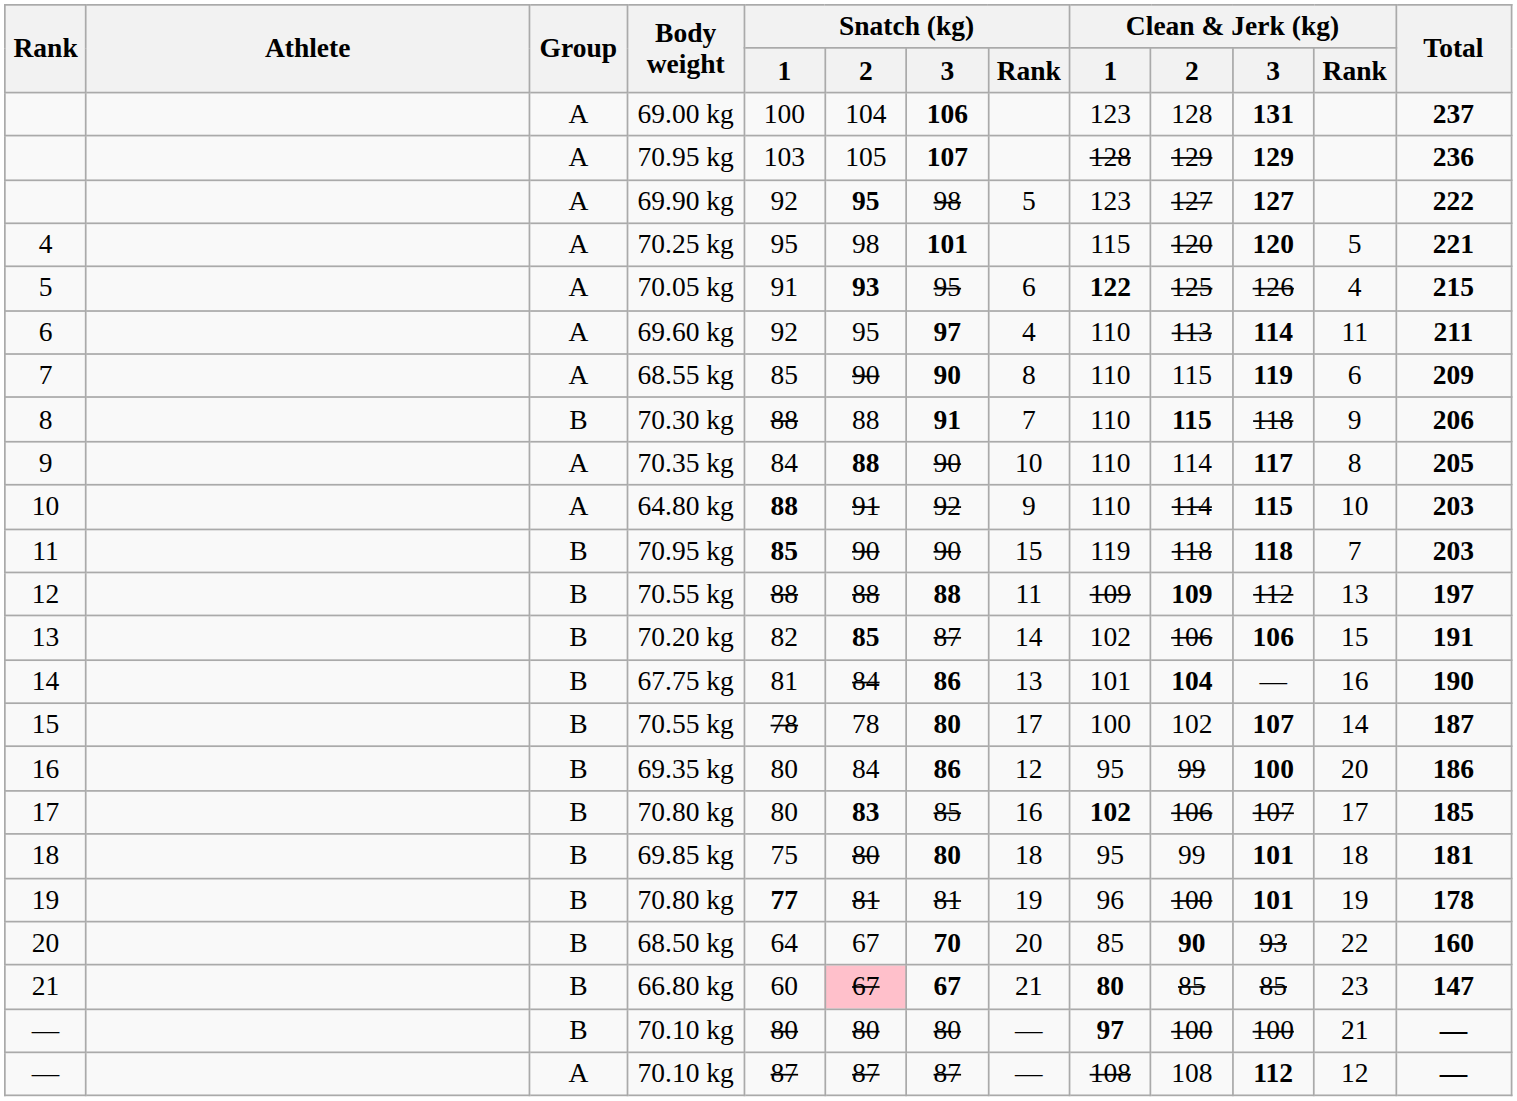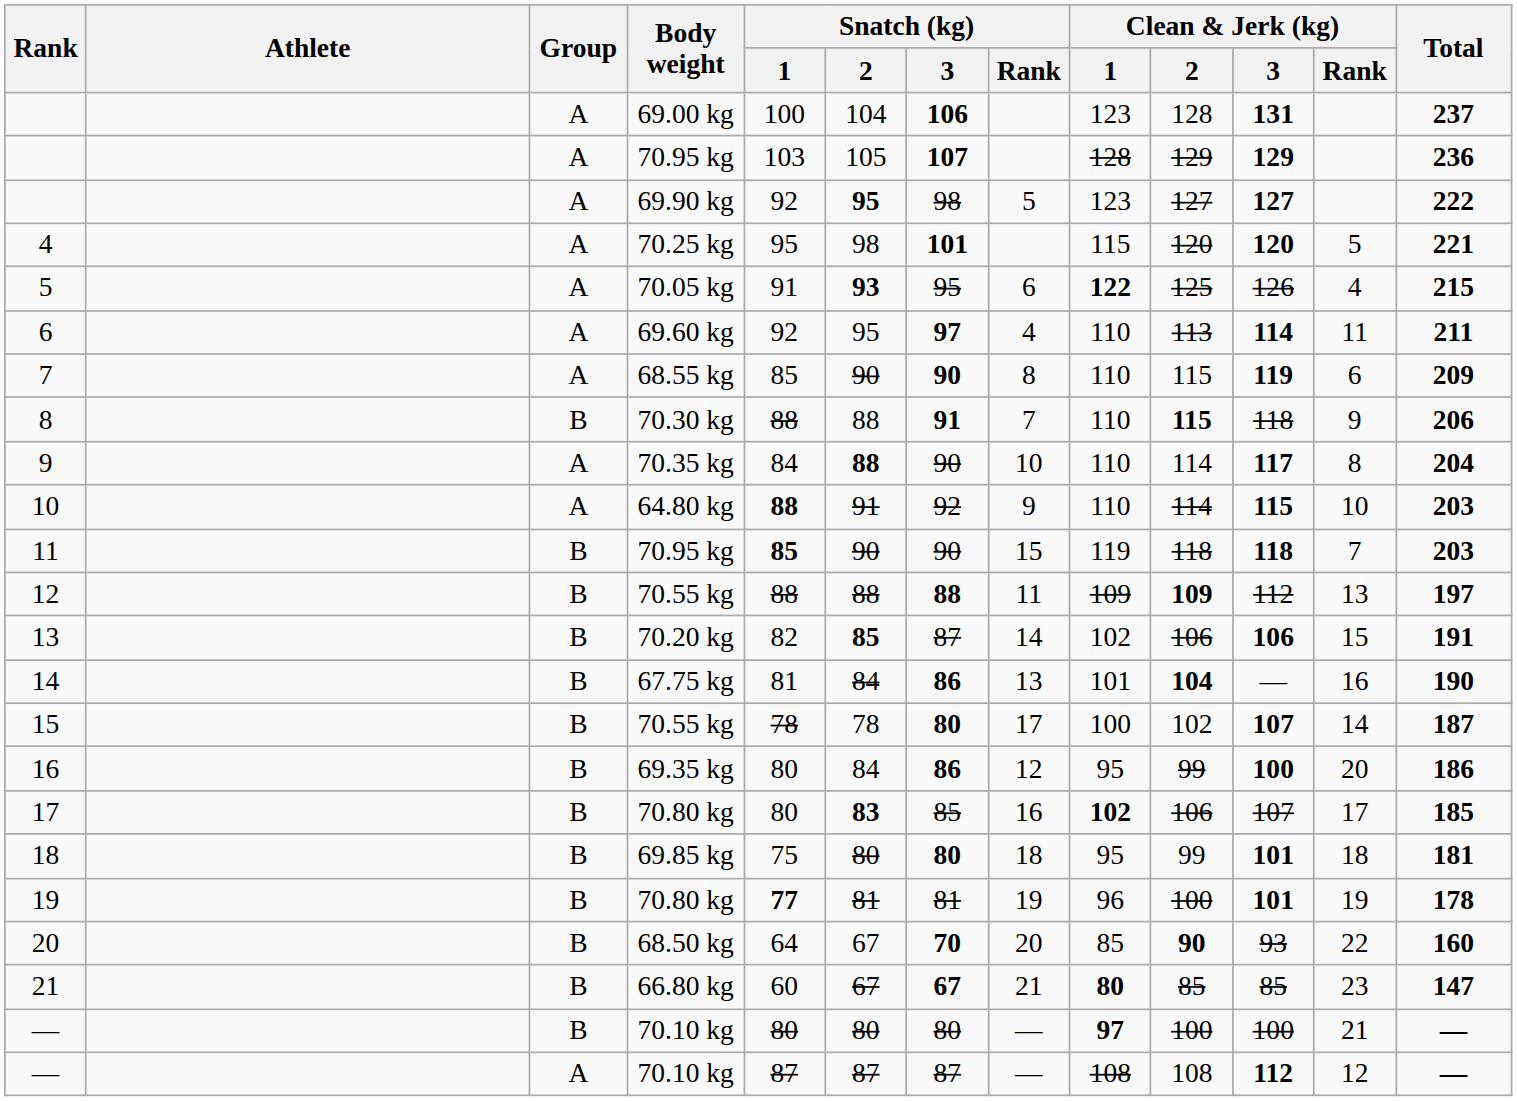 <table class = "wikitable" style="text-align:center;">
 <tr>
 <th rowspan=2 width=40>Rank</th>
 <th rowspan=2 width=250>Athlete</th>
 <th rowspan=2 width=50>Group</th>
 <th rowspan=2 width=60>Body weight</th>
 <th colspan=4>Snatch (kg)</th>
 <th colspan=4>Clean & Jerk (kg)</th>
 <th rowspan=2 width=60>Total</th>
 </tr>
 <tr>
 <th width=40>1</th>
 <th width=40>2</th>
 <th width=40>3</th>
 <th width=40>Rank</th>
 <th width=40>1</th>
 <th width=40>2</th>
 <th width=40>3</th>
 <th width=40>Rank</th>
 </tr>
 <tr>
 <td></td>
 <td align=left></td>
 <td>A</td>
 <td>69.00 kg</td>
 <td>100</td>
 <td>104</td>
 <td><strong>106</strong></td>
 <td></td>
 <td>123</td>
 <td>128</td>
 <td><strong>131</strong></td>
 <td></td>
 <td><strong>237</strong></td>
 </tr>
 <tr>
 <td></td>
 <td align=left></td>
 <td>A</td>
 <td>70.95 kg</td>
 <td>103</td>
 <td>105</td>
 <td><strong>107</strong></td>
 <td></td>
 <td><s>128</s></td>
 <td><s>129</s></td>
 <td><strong>129</strong></td>
 <td></td>
 <td><strong>236</strong></td>
 </tr>
 <tr>
 <td></td>
 <td align=left></td>
 <td>A</td>
 <td>69.90 kg</td>
 <td>92</td>
 <td><strong>95</strong></td>
 <td><s>98</s></td>
 <td>5</td>
 <td>123</td>
 <td><s>127</s></td>
 <td><strong>127</strong></td>
 <td></td>
 <td><strong>222</strong></td>
 </tr>
 <tr>
 <td>4</td>
 <td align=left></td>
 <td>A</td>
 <td>70.25 kg</td>
 <td>95</td>
 <td>98</td>
 <td><strong>101</strong></td>
 <td></td>
 <td>115</td>
 <td><s>120</s></td>
 <td><strong>120</strong></td>
 <td>5</td>
 <td><strong>221</strong></td>
 </tr>
 <tr>
 <td>5</td>
 <td align=left></td>
 <td>A</td>
 <td>70.05 kg</td>
 <td>91</td>
 <td><strong>93</strong></td>
 <td><s>95</s></td>
 <td>6</td>
 <td><strong>122</strong></td>
 <td><s>125</s></td>
 <td><s>126</s></td>
 <td>4</td>
 <td><strong>215</strong></td>
 </tr>
 <tr>
 <td>6</td>
 <td align=left></td>
 <td>A</td>
 <td>69.60 kg</td>
 <td>92</td>
 <td>95</td>
 <td><strong>97</strong></td>
 <td>4</td>
 <td>110</td>
 <td><s>113</s></td>
 <td><strong>114</strong></td>
 <td>11</td>
 <td><strong>211</strong></td>
 </tr>
 <tr>
 <td>7</td>
 <td align=left></td>
 <td>A</td>
 <td>68.55 kg</td>
 <td>85</td>
 <td><s>90</s></td>
 <td><strong>90</strong></td>
 <td>8</td>
 <td>110</td>
 <td>115</td>
 <td><strong>119</strong></td>
 <td>6</td>
 <td><strong>209</strong></td>
 </tr>
 <tr>
 <td>8</td>
 <td align=left></td>
 <td>B</td>
 <td>70.30 kg</td>
 <td><s>88</s></td>
 <td>88</td>
 <td><strong>91</strong></td>
 <td>7</td>
 <td>110</td>
 <td><strong>115</strong></td>
 <td><s>118</s></td>
 <td>9</td>
 <td><strong>206</strong></td>
 </tr>
 <tr>
 <td>9</td>
 <td align=left></td>
 <td>A</td>
 <td>70.35 kg</td>
 <td>84</td>
 <td><strong>88</strong></td>
 <td><s>90</s></td>
 <td>10</td>
 <td>110</td>
 <td>114</td>
 <td><strong>117</strong></td>
 <td>8</td>
-<td><strong>205</strong></td>
+<td><strong>204</strong></td>
 </tr>
 <tr>
 <td>10</td>
 <td align=left></td>
 <td>A</td>
 <td>64.80 kg</td>
 <td><strong>88</strong></td>
 <td><s>91</s></td>
 <td><s>92</s></td>
 <td>9</td>
 <td>110</td>
 <td><s>114</s></td>
 <td><strong>115</strong></td>
 <td>10</td>
 <td><strong>203</strong></td>
 </tr>
 <tr>
 <td>11</td>
 <td align=left></td>
 <td>B</td>
 <td>70.95 kg</td>
 <td><strong>85</strong></td>
 <td><s>90</s></td>
 <td><s>90</s></td>
 <td>15</td>
 <td>119</td>
 <td><s>118</s></td>
 <td><strong>118</strong></td>
 <td>7</td>
 <td><strong>203</strong></td>
 </tr>
 <tr>
 <td>12</td>
 <td align=left></td>
 <td>B</td>
 <td>70.55 kg</td>
 <td><s>88</s></td>
 <td><s>88</s></td>
 <td><strong>88</strong></td>
 <td>11</td>
 <td><s>109</s></td>
 <td><strong>109</strong></td>
 <td><s>112</s></td>
 <td>13</td>
 <td><strong>197</strong></td>
 </tr>
 <tr>
 <td>13</td>
 <td align=left></td>
 <td>B</td>
 <td>70.20 kg</td>
 <td>82</td>
 <td><strong>85</strong></td>
 <td><s>87</s></td>
 <td>14</td>
 <td>102</td>
 <td><s>106</s></td>
 <td><strong>106</strong></td>
 <td>15</td>
 <td><strong>191</strong></td>
 </tr>
 <tr>
 <td>14</td>
 <td align=left></td>
 <td>B</td>
 <td>67.75 kg</td>
 <td>81</td>
 <td><s>84</s></td>
 <td><strong>86</strong></td>
 <td>13</td>
 <td>101</td>
 <td><strong>104</strong></td>
 <td>—</td>
 <td>16</td>
 <td><strong>190</strong></td>
 </tr>
 <tr>
 <td>15</td>
 <td align=left></td>
 <td>B</td>
 <td>70.55 kg</td>
 <td><s>78</s></td>
 <td>78</td>
 <td><strong>80</strong></td>
 <td>17</td>
 <td>100</td>
 <td>102</td>
 <td><strong>107</strong></td>
 <td>14</td>
 <td><strong>187</strong></td>
 </tr>
 <tr>
 <td>16</td>
 <td align=left></td>
 <td>B</td>
 <td>69.35 kg</td>
 <td>80</td>
 <td>84</td>
 <td><strong>86</strong></td>
 <td>12</td>
 <td>95</td>
 <td><s>99</s></td>
 <td><strong>100</strong></td>
 <td>20</td>
 <td><strong>186</strong></td>
 </tr>
 <tr>
 <td>17</td>
 <td align=left></td>
 <td>B</td>
 <td>70.80 kg</td>
 <td>80</td>
 <td><strong>83</strong></td>
 <td><s>85</s></td>
 <td>16</td>
 <td><strong>102</strong></td>
 <td><s>106</s></td>
 <td><s>107</s></td>
 <td>17</td>
 <td><strong>185</strong></td>
 </tr>
 <tr>
 <td>18</td>
 <td align=left></td>
 <td>B</td>
 <td>69.85 kg</td>
 <td>75</td>
 <td><s>80</s></td>
 <td><strong>80</strong></td>
 <td>18</td>
 <td>95</td>
 <td>99</td>
 <td><strong>101</strong></td>
 <td>18</td>
 <td><strong>181</strong></td>
 </tr>
 <tr>
 <td>19</td>
 <td align=left></td>
 <td>B</td>
 <td>70.80 kg</td>
 <td><strong>77</strong></td>
 <td><s>81</s></td>
 <td><s>81</s></td>
 <td>19</td>
 <td>96</td>
 <td><s>100</s></td>
 <td><strong>101</strong></td>
 <td>19</td>
 <td><strong>178</strong></td>
 </tr>
 <tr>
 <td>20</td>
 <td align=left></td>
 <td>B</td>
 <td>68.50 kg</td>
 <td>64</td>
 <td>67</td>
 <td><strong>70</strong></td>
 <td>20</td>
 <td>85</td>
 <td><strong>90</strong></td>
 <td><s>93</s></td>
 <td>22</td>
 <td><strong>160</strong></td>
 </tr>
 <tr>
 <td>21</td>
 <td align=left></td>
 <td>B</td>
 <td>66.80 kg</td>
 <td>60</td>
-<td style="background: pink;"><s>67</s></td>
+<td><s>67</s></td>
 <td><strong>67</strong></td>
 <td>21</td>
 <td><strong>80</strong></td>
 <td><s>85</s></td>
 <td><s>85</s></td>
 <td>23</td>
 <td><strong>147</strong></td>
 </tr>
 <tr>
 <td>—</td>
 <td align=left></td>
 <td>B</td>
 <td>70.10 kg</td>
 <td><s>80</s></td>
 <td><s>80</s></td>
 <td><s>80</s></td>
 <td>—</td>
 <td><strong>97</strong></td>
 <td><s>100</s></td>
 <td><s>100</s></td>
 <td>21</td>
 <td><strong>—</strong></td>
 </tr>
 <tr>
 <td>—</td>
 <td align=left></td>
 <td>A</td>
 <td>70.10 kg</td>
 <td><s>87</s></td>
 <td><s>87</s></td>
 <td><s>87</s></td>
 <td>—</td>
 <td><s>108</s></td>
 <td>108</td>
 <td><strong>112</strong></td>
 <td>12</td>
 <td><strong>—</strong></td>
 </tr>
 </table>
